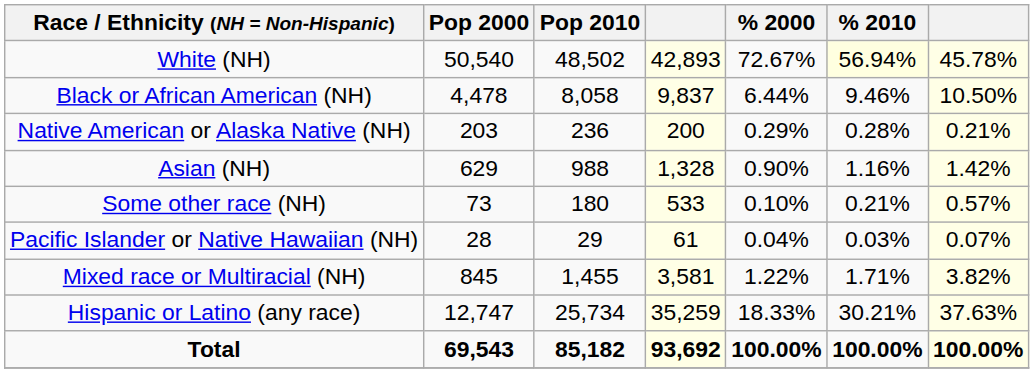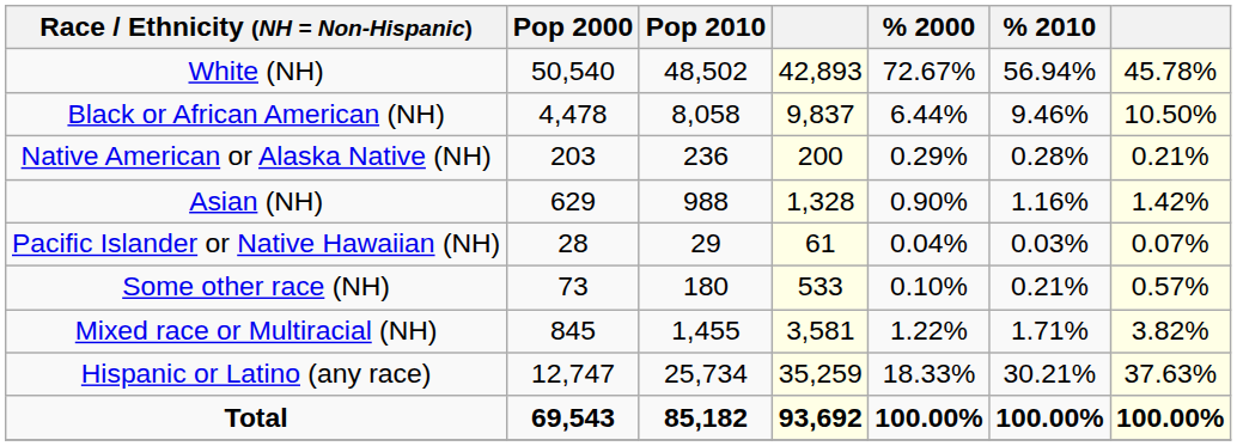 <table class="wikitable" style="text-align:center;">
 <tr>
 <th>Race / Ethnicity <small>(<em>NH = Non-Hispanic</em>)</small></th>
 <th>Pop 2000</th>
 <th>Pop 2010</th>
 <th></th>
 <th>% 2000</th>
 <th>% 2010</th>
 <th></th>
 </tr>
 <tr>
 <td><a href='#'>White</a> (NH)</td>
 <td>50,540</td>
 <td>48,502</td>
 <td style='background: #ffffe6;'>42,893</td>
 <td>72.67%</td>
-<td style="background: lightyellow;">56.94%</td>
+<td>56.94%</td>
 <td style='background: #ffffe6;'>45.78%</td>
 </tr>
 <tr>
 <td><a href='#'>Black or African American</a> (NH)</td>
 <td>4,478</td>
 <td>8,058</td>
 <td style='background: #ffffe6;'>9,837</td>
 <td>6.44%</td>
 <td>9.46%</td>
 <td style='background: #ffffe6;'>10.50%</td>
 </tr>
 <tr>
 <td><a href='#'>Native American</a> or <a href='#'>Alaska Native</a> (NH)</td>
 <td>203</td>
 <td>236</td>
 <td style='background: #ffffe6;'>200</td>
 <td>0.29%</td>
 <td>0.28%</td>
 <td style='background: #ffffe6;'>0.21%</td>
 </tr>
 <tr>
 <td><a href='#'>Asian</a> (NH)</td>
 <td>629</td>
 <td>988</td>
 <td style='background: #ffffe6;'>1,328</td>
 <td>0.90%</td>
 <td>1.16%</td>
 <td style='background: #ffffe6;'>1.42%</td>
 </tr>
 <tr>
+<td><a href='#'>Pacific Islander</a> or <a href='#'>Native Hawaiian</a> (NH)</td>
+<td>28</td>
+<td>29</td>
+<td style='background: #ffffe6;'>61</td>
+<td>0.04%</td>
+<td>0.03%</td>
+<td style='background: #ffffe6;'>0.07%</td>
+</tr>
+<tr>
 <td><a href='#'>Some other race</a> (NH)</td>
 <td>73</td>
 <td>180</td>
 <td style='background: #ffffe6;'>533</td>
 <td>0.10%</td>
 <td>0.21%</td>
 <td style='background: #ffffe6;'>0.57%</td>
-</tr>
-<tr>
-<td><a href='#'>Pacific Islander</a> or <a href='#'>Native Hawaiian</a> (NH)</td>
-<td>28</td>
-<td>29</td>
-<td style='background: #ffffe6;'>61</td>
-<td>0.04%</td>
-<td>0.03%</td>
-<td style='background: #ffffe6;'>0.07%</td>
 </tr>
 <tr>
 <td><a href='#'>Mixed race or Multiracial</a> (NH)</td>
 <td>845</td>
 <td>1,455</td>
 <td style='background: #ffffe6;'>3,581</td>
 <td>1.22%</td>
 <td>1.71%</td>
 <td style='background: #ffffe6;'>3.82%</td>
 </tr>
 <tr>
 <td><a href='#'>Hispanic or Latino</a> (any race)</td>
 <td>12,747</td>
 <td>25,734</td>
 <td style='background: #ffffe6;'>35,259</td>
 <td>18.33%</td>
 <td>30.21%</td>
 <td style='background: #ffffe6;'>37.63%</td>
 </tr>
 <tr>
 <td><strong>Total</strong></td>
 <td><strong>69,543</strong></td>
 <td><strong>85,182</strong></td>
 <td style='background: #ffffe6;'><strong>93,692</strong></td>
 <td><strong>100.00%</strong></td>
 <td><strong>100.00%</strong></td>
 <td style='background: #ffffe6;'><strong>100.00%</strong></td>
 </tr>
 <tr>
 </tr>
 </table>
